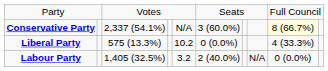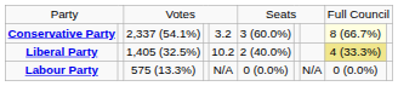 <table class=wikitable style="text-align:center;">
 <tr>
 <td colspan=2>Party</td>
 <td colspan=3>Votes</td>
 <td colspan=3>Seats</td>
 <td colspan=3>Full Council</td>
 </tr>
 <tr>
 <td><strong><a href='#'>Conservative Party</a></strong></td>
 <td style="background:"></td>
 <td>2,337 (54.1%)</td>
 <td></td>
-<td>N/A</td>
+<td> 3.2</td>
 <td>3 (60.0%)</td>
 <td></td>
 <td></td>
 <td style="background: lightyellow;">8 (66.7%)</td>
 <td></td>
 </tr>
 <tr>
 <td><strong><a href='#'>Liberal Party</a></strong></td>
 <td style="background:"></td>
-<td>575 (13.3%)</td>
+<td>1,405 (32.5%)</td>
 <td></td>
 <td> 10.2</td>
-<td>0 (0.0%)</td>
+<td>2 (40.0%)</td>
 <td></td>
 <td></td>
-<td>4 (33.3%)</td>
+<td style="background: khaki;">4 (33.3%)</td>
 <td></td>
 </tr>
 <tr>
 <td><strong><a href='#'>Labour Party</a></strong></td>
 <td style="background:"></td>
-<td>1,405 (32.5%)</td>
+<td>575 (13.3%)</td>
 <td></td>
-<td> 3.2</td>
-<td>2 (40.0%)</td>
+<td>N/A</td>
+<td>0 (0.0%)</td>
 <td></td>
 <td>N/A</td>
 <td>0 (0.0%)</td>
 <td></td>
 </tr>
 </table>
